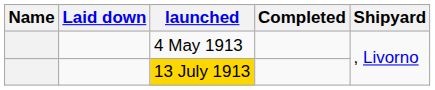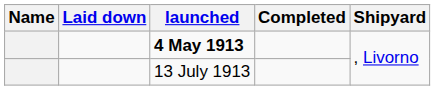 <table class="wikitable plainrowheaders">
 <tr>
 <th scope="col">Name</th>
 <th scope="col"><a href='#'>Laid down</a></th>
 <th scope="col"><a href='#'>launched</a></th>
 <th scope="col">Completed</th>
 <th scope="col">Shipyard</th>
 </tr>
 <tr>
 <th scope="row"></th>
 <td></td>
-<td>4 May 1913</td>
+<td><strong>4 May 1913</strong></td>
 <td></td>
 <td rowspan="2">, <a href='#'>Livorno</a></td>
 </tr>
 <tr>
 <th scope="row"></th>
 <td></td>
-<td style="background: gold;">13 July 1913</td>
+<td>13 July 1913</td>
 <td></td>
 </tr>
 </table>
